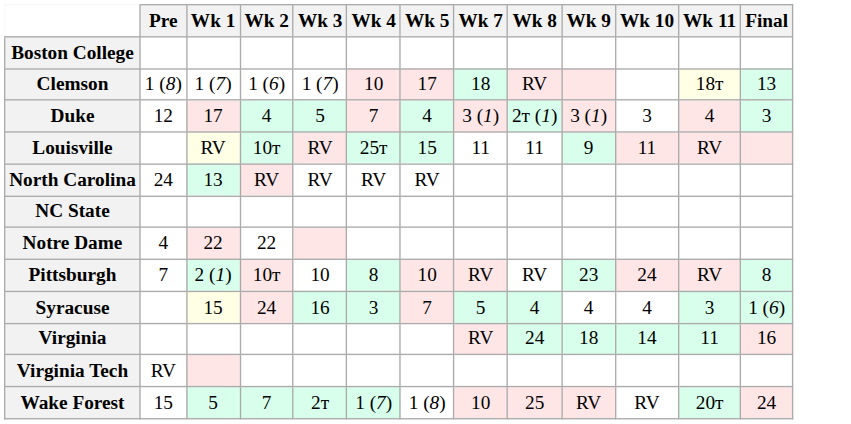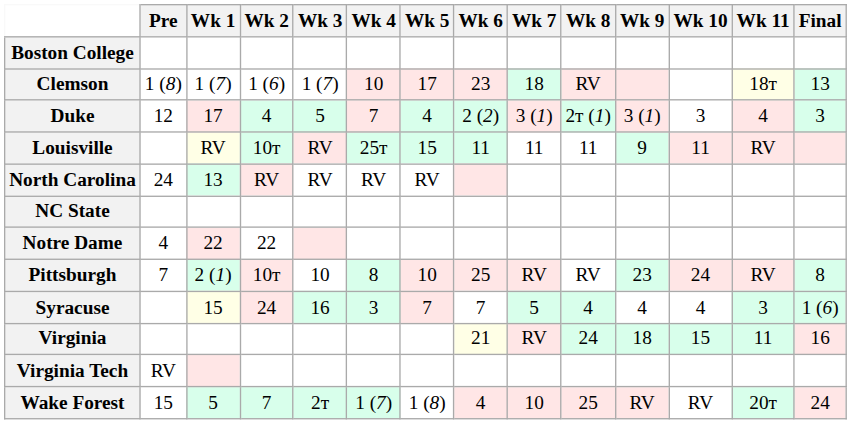 <table class="wikitable" style="white-space:nowrap;font-size:90%;">
 <tr>
 <th colspan=1 style="background:white; border-top-style:hidden; border-left-style:hidden;"> </th>
 <th>Pre <br></th>
 <th>Wk 1 <br></th>
 <th>Wk 2 <br></th>
 <th>Wk 3 <br></th>
 <th>Wk 4 <br></th>
 <th>Wk 5 <br></th>
+<th>Wk 6 <br></th>
 <th>Wk 7 <br></th>
 <th>Wk 8 <br></th>
 <th>Wk 9 <br></th>
 <th>Wk 10 <br></th>
 <th>Wk 11 <br></th>
 <th>Final <br></th>
 </tr>
 <tr style="text-align:center;">
 <th>Boston College</th>
 <td style="background:#FFF;"></td>
 <td style="background:#FFF;"></td>
 <td style="background:#FFF;"></td>
 <td style="background:#FFF;"></td>
 <td style="background:#FFF;"></td>
 <td style="background:#FFF;"></td>
 <td style="background:#FFF;"></td>
 <td style="background:#FFF;"></td>
 <td style="background:#FFF;"></td>
 <td style="background:#FFF;"></td>
 <td style="background:#FFF;"></td>
 <td style="background:#FFF;"></td>
+<td style="background:#FFF;"></td>
 </tr>
 <tr style="text-align:center;">
 <th>Clemson</th>
 <td style="background:#FFF;"> 1 (<em>8</em>)</td>
 <td style="background:#FFF;"> 1 (<em>7</em>)</td>
 <td style="background:#FFF;"> 1 (<em>6</em>)</td>
 <td style="background:#FFF;"> 1 (<em>7</em>)</td>
 <td style="background:#FFE6E6;"> 10</td>
 <td style="background:#FFE6E6;"> 17</td>
+<td style="background:#FFE6E6;"> 23</td>
 <td style="background:#D8FFEB;"> 18</td>
 <td style="background:#FFE6E6;"> RV</td>
 <td style="background:#FFE6E6;"></td>
 <td style="background:#FFF;"></td>
 <td style="background:#FFFFE6;"> 18т</td>
 <td style="background:#D8FFEB;"> 13</td>
 </tr>
 <tr style="text-align:center;">
 <th>Duke</th>
 <td style="background:#FFF;"> 12</td>
 <td style="background:#FFE6E6;"> 17</td>
 <td style="background:#D8FFEB;"> 4</td>
 <td style="background:#D8FFEB;"> 5</td>
 <td style="background:#FFE6E6;"> 7</td>
 <td style="background:#D8FFEB;"> 4</td>
+<td style="background:#D8FFEB;"> 2 (<em>2</em>)</td>
 <td style="background:#FFE6E6;"> 3 (<em>1</em>)</td>
 <td style="background:#D8FFEB;"> 2т (<em>1</em>)</td>
 <td style="background:#FFE6E6;"> 3 (<em>1</em>)</td>
 <td style="background:#FFF;"> 3</td>
 <td style="background:#FFE6E6;"> 4</td>
 <td style="background:#D8FFEB;"> 3</td>
 </tr>
 <tr style="text-align:center;">
 <th>Louisville</th>
 <td style="background:#FFF;"></td>
 <td style="background:#FFFFE6;"> RV</td>
 <td style="background:#D8FFEB;"> 10т</td>
 <td style="background:#FFE6E6;"> RV</td>
 <td style="background:#D8FFEB;"> 25т</td>
 <td style="background:#D8FFEB;"> 15</td>
+<td style="background:#D8FFEB;"> 11</td>
 <td style="background:#FFF;"> 11</td>
 <td style="background:#FFF;"> 11</td>
 <td style="background:#D8FFEB;"> 9</td>
 <td style="background:#FFE6E6;"> 11</td>
 <td style="background:#FFE6E6;"> RV</td>
 <td style="background:#FFE6E6;"></td>
 </tr>
 <tr style="text-align:center;">
 <th>North Carolina</th>
 <td style="background:#FFF;"> 24</td>
 <td style="background:#D8FFEB;"> 13</td>
 <td style="background:#FFE6E6;"> RV</td>
 <td style="background:#FFF;"> RV</td>
 <td style="background:#FFF;"> RV</td>
 <td style="background:#FFF;"> RV</td>
+<td style="background:#FFE6E6;"></td>
 <td style="background:#FFF;"></td>
 <td style="background:#FFF;"></td>
 <td style="background:#FFF;"></td>
 <td style="background:#FFF;"></td>
 <td style="background:#FFF;"></td>
 <td style="background:#FFF;"></td>
 </tr>
 <tr style="text-align:center;">
 <th>NC State</th>
+<td style="background:#FFF;"></td>
 <td style="background:#FFF;"></td>
 <td style="background:#FFF;"></td>
 <td style="background:#FFF;"></td>
 <td style="background:#FFF;"></td>
 <td style="background:#FFF;"></td>
 <td style="background:#FFF;"></td>
 <td style="background:#FFF;"></td>
 <td style="background:#FFF;"></td>
 <td style="background:#FFF;"></td>
 <td style="background:#FFF;"></td>
 <td style="background:#FFF;"></td>
 <td style="background:#FFF;"></td>
 </tr>
 <tr style="text-align:center;">
 <th>Notre Dame</th>
 <td style="background:#FFF;"> 4</td>
 <td style="background:#FFE6E6;"> 22</td>
 <td style="background:#FFF;"> 22</td>
 <td style="background:#FFE6E6;"></td>
 <td style="background:#FFF;"></td>
 <td style="background:#FFF;"></td>
 <td style="background:#FFF;"></td>
 <td style="background:#FFF;"></td>
 <td style="background:#FFF;"></td>
 <td style="background:#FFF;"></td>
 <td style="background:#FFF;"></td>
 <td style="background:#FFF;"></td>
+<td style="background:#FFF;"></td>
 </tr>
 <tr style="text-align:center;">
 <th>Pittsburgh</th>
 <td style="background:#FFF;"> 7</td>
 <td style="background:#D8FFEB;"> 2 (<em>1</em>)</td>
 <td style="background:#FFE6E6;"> 10т</td>
 <td style="background:#FFF;"> 10</td>
 <td style="background:#D8FFEB;"> 8</td>
 <td style="background:#FFE6E6;"> 10</td>
+<td style="background:#FFE6E6;"> 25</td>
 <td style="background:#FFE6E6;"> RV</td>
 <td style="background:#FFF;"> RV</td>
 <td style="background:#D8FFEB;"> 23</td>
 <td style="background:#FFE6E6;"> 24</td>
 <td style="background:#FFE6E6;"> RV</td>
 <td style="background:#D8FFEB;"> 8</td>
 </tr>
 <tr style="text-align:center;">
 <th>Syracuse</th>
 <td style="background:#FFF;"></td>
 <td style="background:#FFFFE6;"> 15</td>
 <td style="background:#FFE6E6;"> 24</td>
 <td style="background:#D8FFEB;"> 16</td>
 <td style="background:#D8FFEB;"> 3</td>
 <td style="background:#FFE6E6;"> 7</td>
+<td style="background:#FFF;"> 7</td>
 <td style="background:#D8FFEB;"> 5</td>
 <td style="background:#D8FFEB;"> 4</td>
 <td style="background:#FFF;"> 4</td>
 <td style="background:#FFF;"> 4</td>
 <td style="background:#D8FFEB;"> 3</td>
 <td style="background:#D8FFEB;"> 1 (<em>6</em>)</td>
 </tr>
 <tr style="text-align:center;">
 <th>Virginia</th>
 <td style="background:#FFF;"></td>
 <td style="background:#FFF;"></td>
 <td style="background:#FFF;"></td>
 <td style="background:#FFF;"></td>
 <td style="background:#FFF;"></td>
 <td style="background:#FFF;"></td>
+<td style="background:#FFFFE6;"> 21</td>
 <td style="background:#FFE6E6;"> RV</td>
 <td style="background:#D8FFEB;"> 24</td>
 <td style="background:#D8FFEB;"> 18</td>
-<td style="background:#D8FFEB;"> 14</td>
+<td style="background:#D8FFEB;"> 15</td>
 <td style="background:#D8FFEB;"> 11</td>
 <td style="background:#FFE6E6;"> 16</td>
 </tr>
 <tr style="text-align:center;">
 <th>Virginia Tech</th>
 <td style="background:#FFF;"> RV</td>
 <td style="background:#FFE6E6;"></td>
+<td style="background:#FFF;"></td>
 <td style="background:#FFF;"></td>
 <td style="background:#FFF;"></td>
 <td style="background:#FFF;"></td>
 <td style="background:#FFF;"></td>
 <td style="background:#FFF;"></td>
 <td style="background:#FFF;"></td>
 <td style="background:#FFF;"></td>
 <td style="background:#FFF;"></td>
 <td style="background:#FFF;"></td>
 <td style="background:#FFF;"></td>
 </tr>
 <tr style="text-align:center;">
 <th>Wake Forest</th>
 <td style="background:#FFF;"> 15</td>
 <td style="background:#D8FFEB;"> 5</td>
 <td style="background:#D8FFEB;"> 7</td>
 <td style="background:#D8FFEB;"> 2т</td>
 <td style="background:#D8FFEB;"> 1 (<em>7</em>)</td>
 <td style="background:#FFF;"> 1 (<em>8</em>)</td>
+<td style="background:#FFE6E6;"> 4</td>
 <td style="background:#FFE6E6;"> 10</td>
 <td style="background:#FFE6E6;"> 25</td>
 <td style="background:#FFE6E6;"> RV</td>
 <td style="background:#FFF;"> RV</td>
 <td style="background:#D8FFEB;"> 20т</td>
 <td style="background:#FFE6E6;"> 24</td>
 </tr>
 </table>
